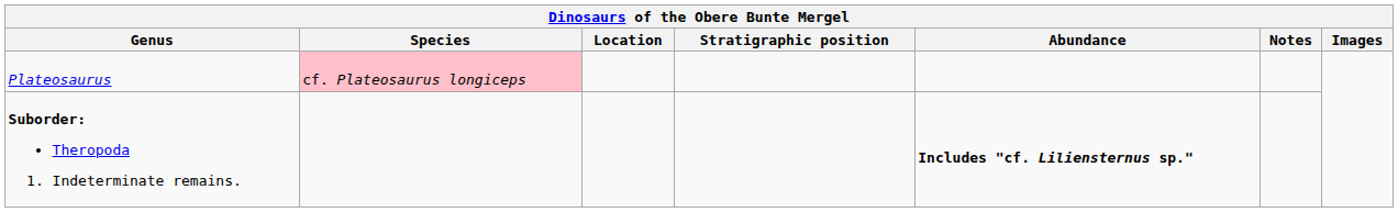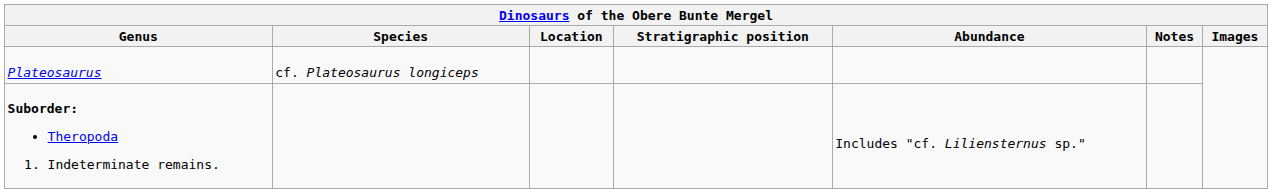 <table class="wikitable" align="center" width="100%">
 <tr>
 <th colspan="7" align="center"><strong><a href='#'>Dinosaurs</a> of the Obere Bunte Mergel</strong></th>
 </tr>
 <tr>
 <th>Genus</th>
 <th>Species</th>
 <th>Location</th>
 <th>Stratigraphic position</th>
 <th>Abundance</th>
 <th>Notes</th>
 <th>Images</th>
 </tr>
 <tr>
 <td><br><em><a href='#'>Plateosaurus</a></em></td>
-<td style="background: pink;"><br>cf. <em>Plateosaurus longiceps</em></td>
+<td><br>cf. <em>Plateosaurus longiceps</em></td>
 <td></td>
 <td></td>
 <td></td>
 <td></td>
 <td rowspan="99"><br></td>
 </tr>
 <tr>
 <td><br><strong>Suborder:</strong><ul><li><a href='#'>Theropoda</a></li></ul><ol><li>Indeterminate remains.</li></ol></td>
 <td></td>
 <td></td>
 <td></td>
-<td><strong><br>Includes "cf. <em>Liliensternus</em> sp."</strong></td>
+<td><br>Includes "cf. <em>Liliensternus</em> sp."</td>
 </tr>
 <tr>
 </tr>
 </table>
